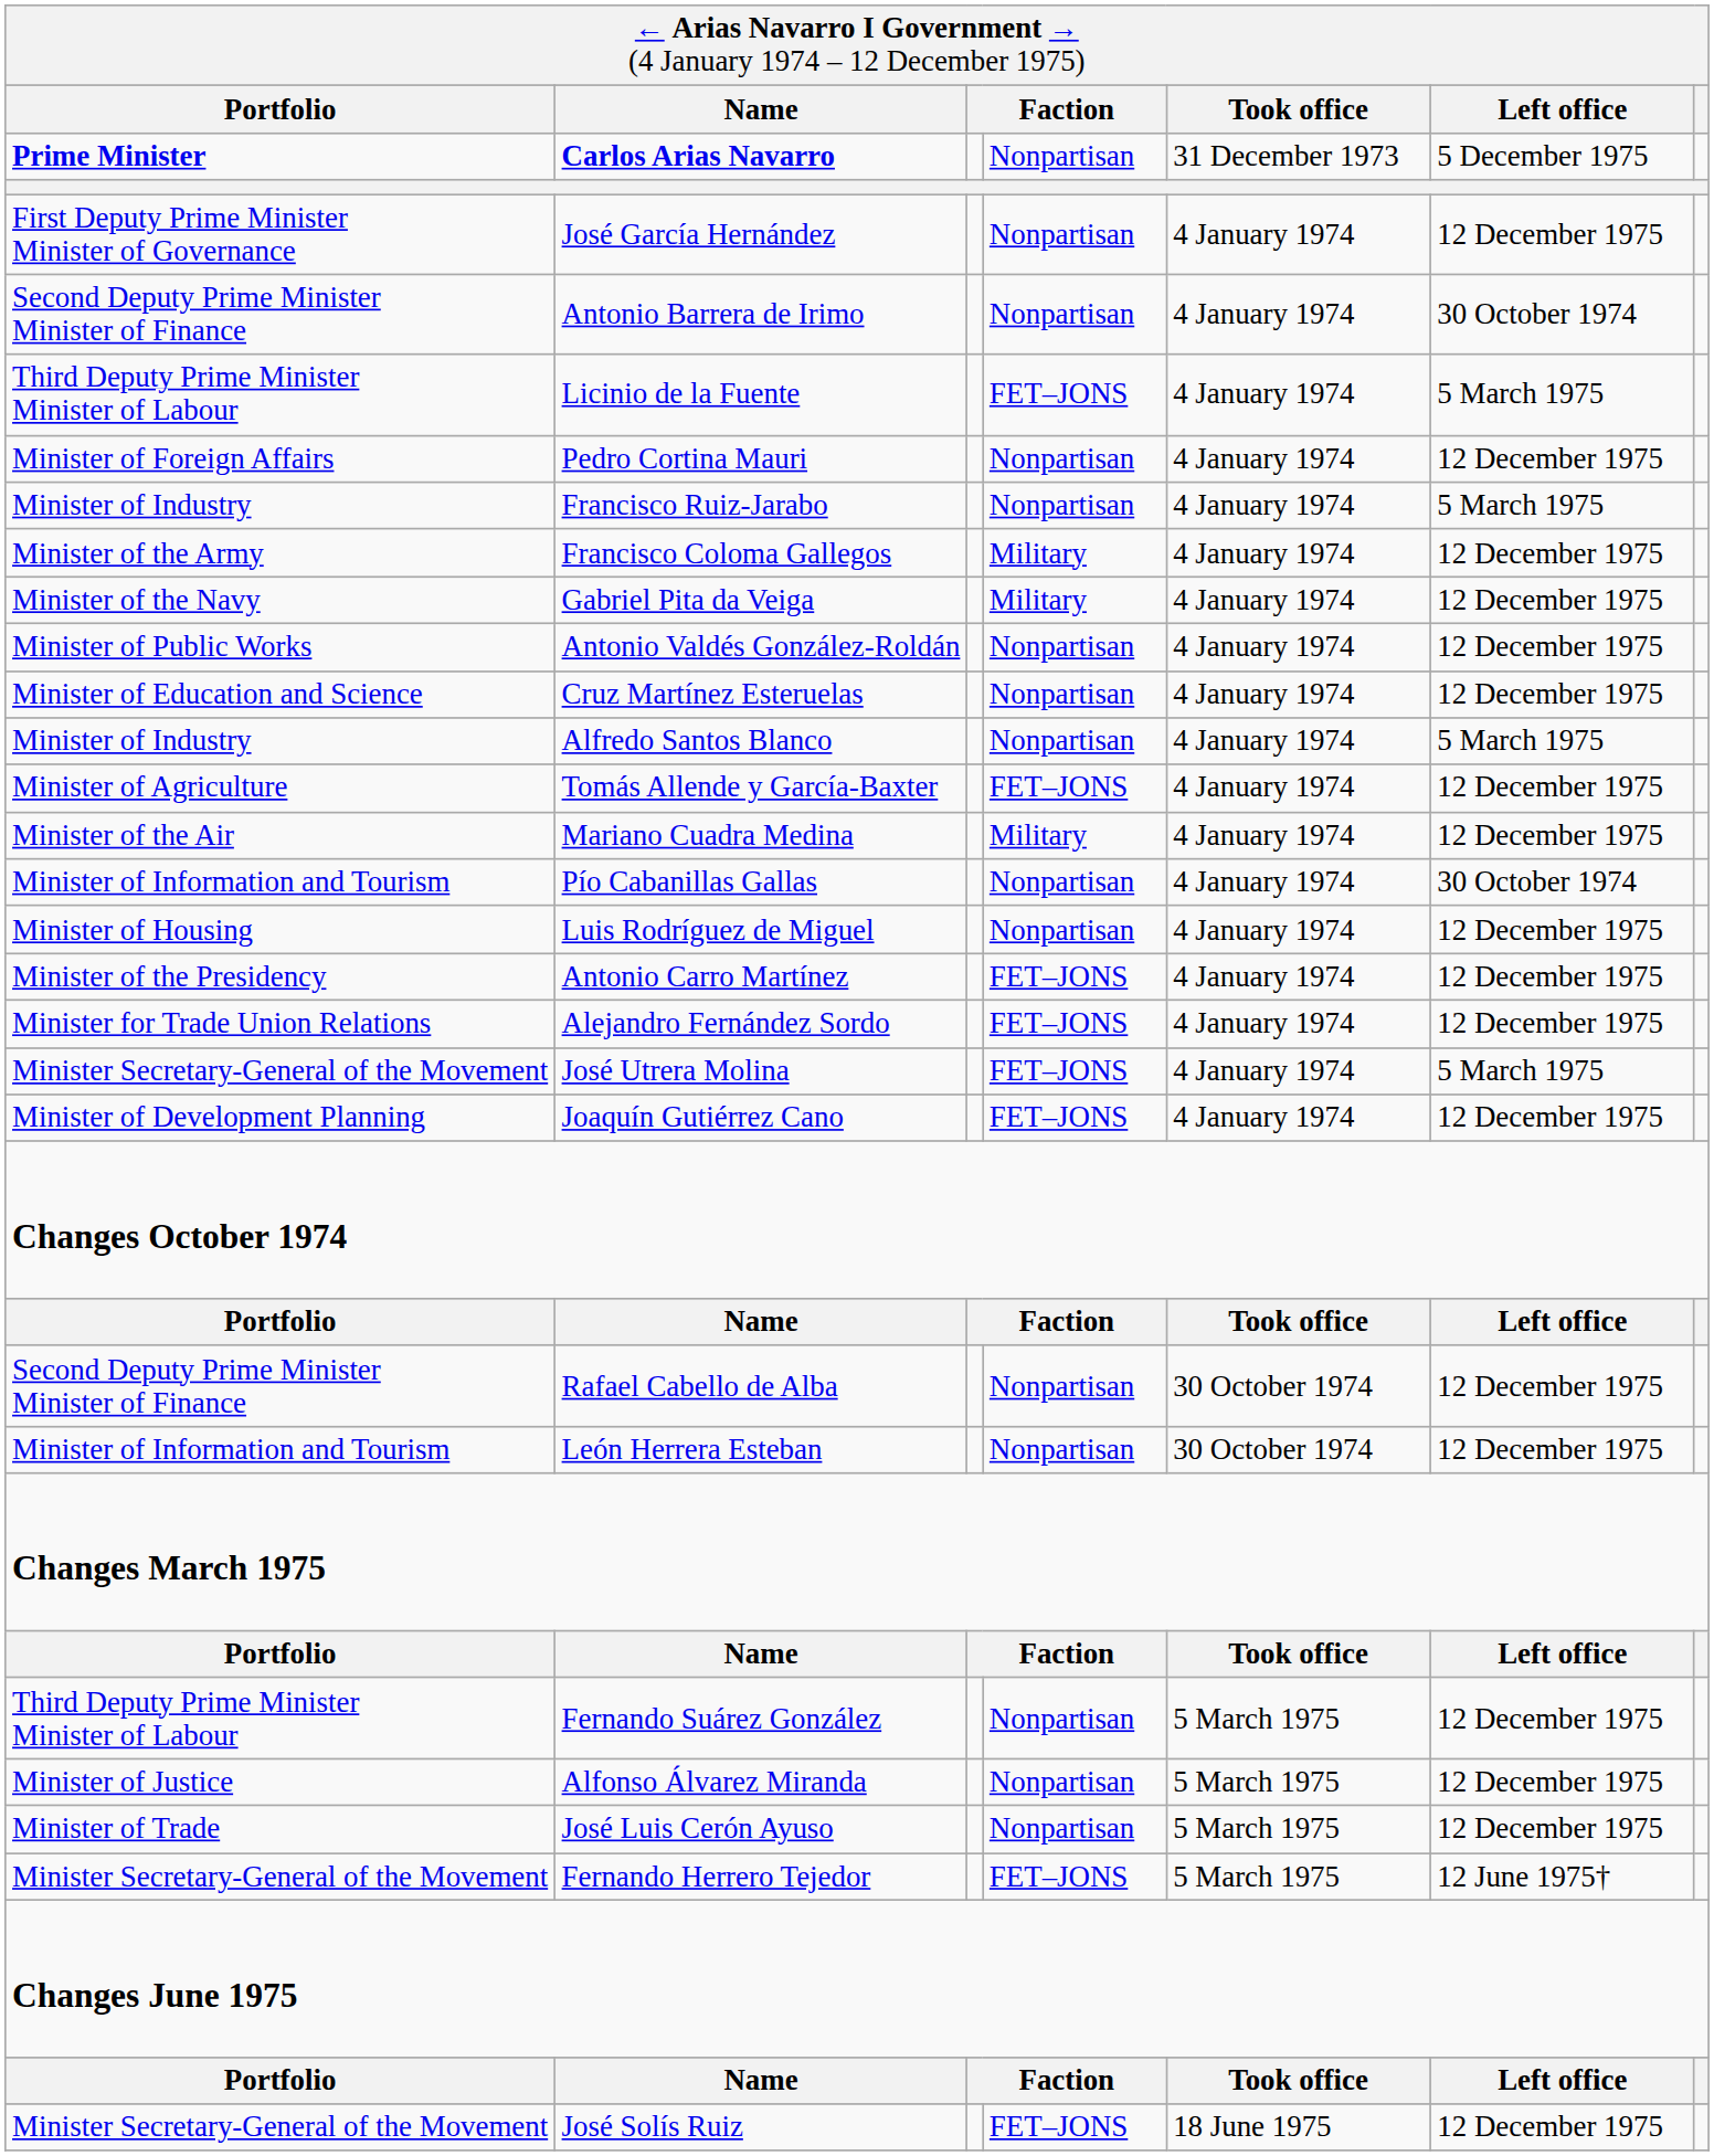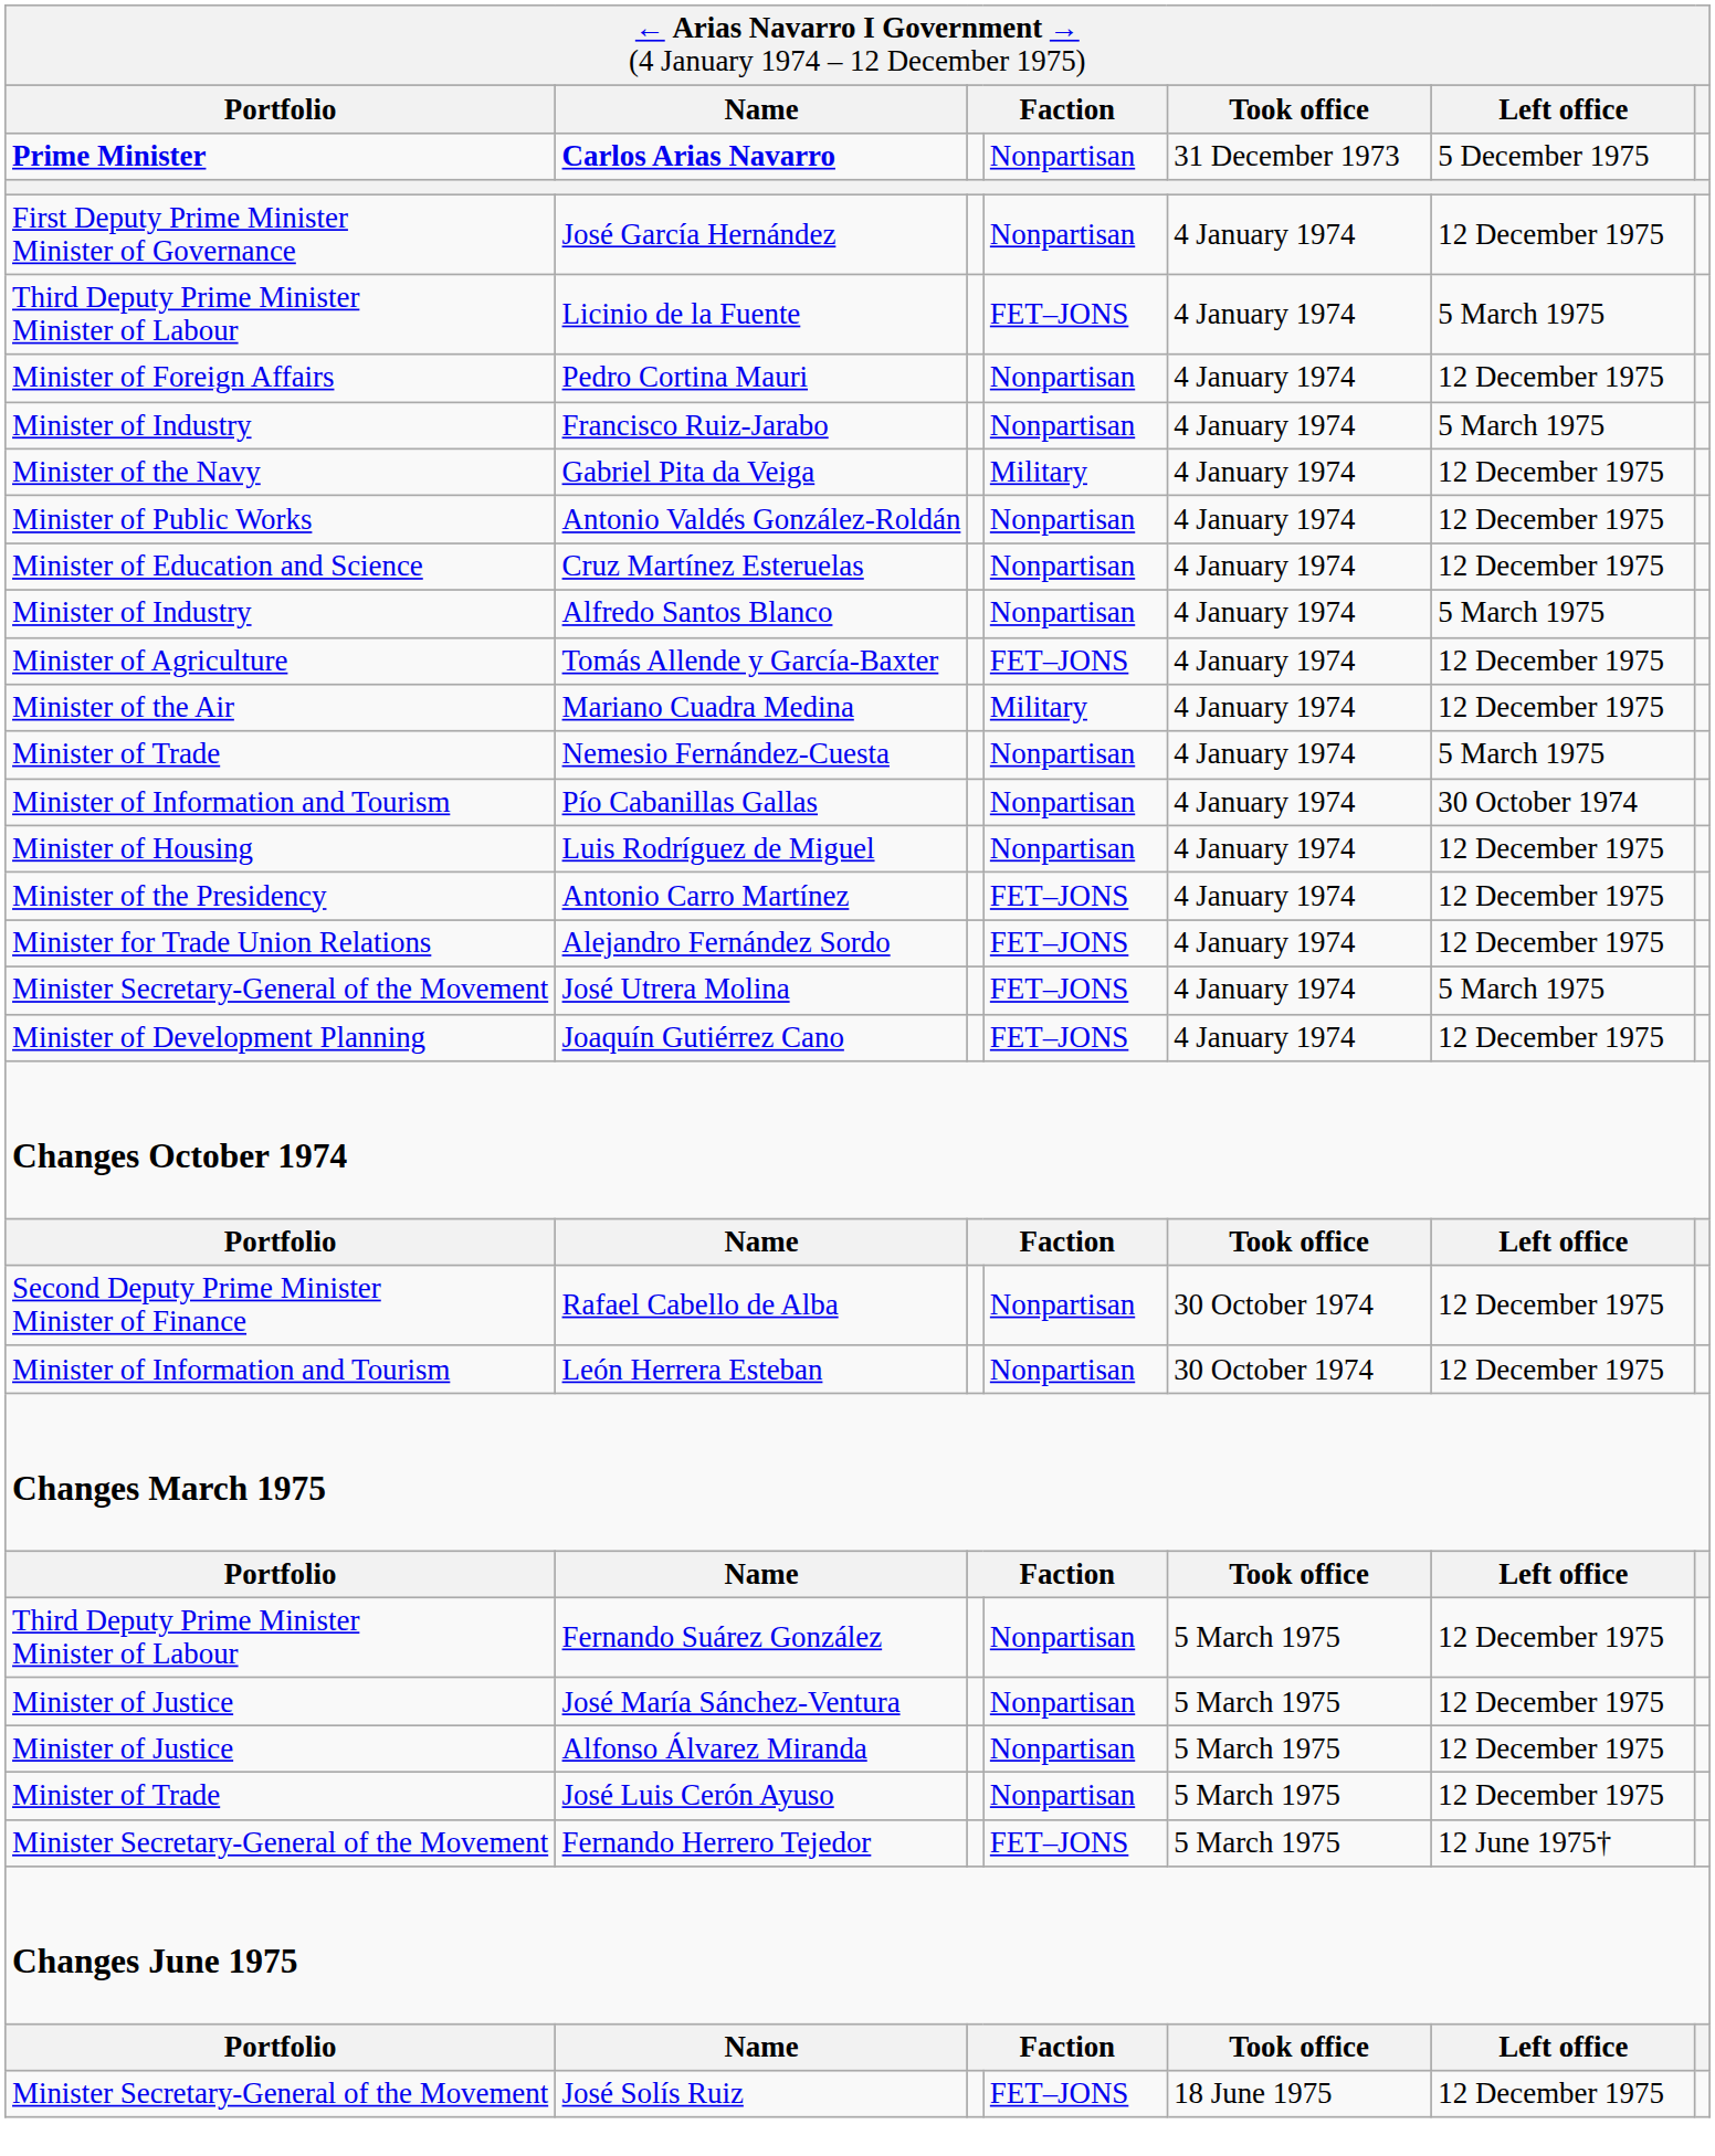 <table class="wikitable">
 <tr>
 <td colspan="7" bgcolor="#F2F2F2" align="center"><a href='#'>←</a> <strong>Arias Navarro I Government</strong> <a href='#'>→</a><br>(4 January 1974 – 12 December 1975)</td>
 </tr>
 <tr>
 <th>Portfolio</th>
 <th>Name</th>
 <th width="100px" colspan="2">Faction</th>
 <th width="135px">Took office</th>
 <th width="135px">Left office</th>
 <th></th>
 </tr>
 <tr>
 <td><strong><a href='#'>Prime Minister</a></strong></td>
 <td><strong><a href='#'>Carlos Arias Navarro</a></strong></td>
 <td width="1" style="background-color:"></td>
 <td><a href='#'>Nonpartisan</a></td>
 <td>31 December 1973</td>
 <td>5 December 1975</td>
 <td align="center"></td>
 </tr>
 <tr>
 <th colspan="7"></th>
 </tr>
 <tr>
 <td><a href='#'>First Deputy Prime Minister</a><br><a href='#'>Minister of Governance</a></td>
 <td><a href='#'>José García Hernández</a></td>
 <td style="background-color:"></td>
 <td><a href='#'>Nonpartisan</a></td>
 <td>4 January 1974</td>
 <td>12 December 1975</td>
 <td align="center"><br></td>
 </tr>
 <tr>
-<td><a href='#'>Second Deputy Prime Minister</a><br><a href='#'>Minister of Finance</a></td>
-<td><a href='#'>Antonio Barrera de Irimo</a></td>
-<td style="background-color:"></td>
-<td><a href='#'>Nonpartisan</a></td>
-<td>4 January 1974</td>
-<td>30 October 1974</td>
-<td align="center"><br></td>
-</tr>
-<tr>
 <td><a href='#'>Third Deputy Prime Minister</a><br><a href='#'>Minister of Labour</a></td>
 <td><a href='#'>Licinio de la Fuente</a></td>
 <td style="background-color:"></td>
 <td><a href='#'>FET–JONS</a></td>
 <td>4 January 1974</td>
 <td>5 March 1975</td>
 <td align="center"><br></td>
 </tr>
 <tr>
 <td><a href='#'>Minister of Foreign Affairs</a></td>
 <td><a href='#'>Pedro Cortina Mauri</a></td>
 <td style="background-color:"></td>
 <td><a href='#'>Nonpartisan</a></td>
 <td>4 January 1974</td>
 <td>12 December 1975</td>
 <td align="center"></td>
 </tr>
 <tr>
 <td><a href='#'>Minister of Industry</a></td>
 <td><a href='#'>Francisco Ruiz-Jarabo</a></td>
 <td style="background-color:"></td>
 <td><a href='#'>Nonpartisan</a></td>
 <td>4 January 1974</td>
 <td>5 March 1975</td>
-<td align="center"></td>
-</tr>
-<tr>
-<td><a href='#'>Minister of the Army</a></td>
-<td><a href='#'>Francisco Coloma Gallegos</a></td>
-<td style="background-color:"></td>
-<td><a href='#'>Military</a></td>
-<td>4 January 1974</td>
-<td>12 December 1975</td>
 <td align="center"></td>
 </tr>
 <tr>
 <td><a href='#'>Minister of the Navy</a></td>
 <td><a href='#'>Gabriel Pita da Veiga</a></td>
 <td style="background-color:"></td>
 <td><a href='#'>Military</a></td>
 <td>4 January 1974</td>
 <td>12 December 1975</td>
 <td align="center"></td>
 </tr>
 <tr>
 <td><a href='#'>Minister of Public Works</a></td>
 <td><a href='#'>Antonio Valdés González-Roldán</a></td>
 <td style="background-color:"></td>
 <td><a href='#'>Nonpartisan</a></td>
 <td>4 January 1974</td>
 <td>12 December 1975</td>
 <td align="center"></td>
 </tr>
 <tr>
 <td><a href='#'>Minister of Education and Science</a></td>
 <td><a href='#'>Cruz Martínez Esteruelas</a></td>
 <td style="background-color:"></td>
 <td><a href='#'>Nonpartisan</a></td>
 <td>4 January 1974</td>
 <td>12 December 1975</td>
 <td align="center"></td>
 </tr>
 <tr>
 <td><a href='#'>Minister of Industry</a></td>
 <td><a href='#'>Alfredo Santos Blanco</a></td>
 <td style="background-color:"></td>
 <td><a href='#'>Nonpartisan</a></td>
 <td>4 January 1974</td>
 <td>5 March 1975</td>
 <td align="center"></td>
 </tr>
 <tr>
 <td><a href='#'>Minister of Agriculture</a></td>
 <td><a href='#'>Tomás Allende y García-Baxter</a></td>
 <td style="background-color:"></td>
 <td><a href='#'>FET–JONS</a></td>
 <td>4 January 1974</td>
 <td>12 December 1975</td>
 <td align="center"></td>
 </tr>
 <tr>
 <td><a href='#'>Minister of the Air</a></td>
 <td><a href='#'>Mariano Cuadra Medina</a></td>
 <td style="background-color:"></td>
 <td><a href='#'>Military</a></td>
 <td>4 January 1974</td>
 <td>12 December 1975</td>
+<td align="center"></td>
+</tr>
+<tr>
+<td><a href='#'>Minister of Trade</a></td>
+<td><a href='#'>Nemesio Fernández-Cuesta</a></td>
+<td style="background-color:"></td>
+<td><a href='#'>Nonpartisan</a></td>
+<td>4 January 1974</td>
+<td>5 March 1975</td>
 <td align="center"></td>
 </tr>
 <tr>
 <td><a href='#'>Minister of Information and Tourism</a></td>
 <td><a href='#'>Pío Cabanillas Gallas</a></td>
 <td style="background-color:"></td>
 <td><a href='#'>Nonpartisan</a></td>
 <td>4 January 1974</td>
 <td>30 October 1974</td>
 <td align="center"></td>
 </tr>
 <tr>
 <td><a href='#'>Minister of Housing</a></td>
 <td><a href='#'>Luis Rodríguez de Miguel</a></td>
 <td style="background-color:"></td>
 <td><a href='#'>Nonpartisan</a></td>
 <td>4 January 1974</td>
 <td>12 December 1975</td>
 <td align="center"></td>
 </tr>
 <tr>
 <td><a href='#'>Minister of the Presidency</a></td>
 <td><a href='#'>Antonio Carro Martínez</a></td>
 <td style="background-color:"></td>
 <td><a href='#'>FET–JONS</a></td>
 <td>4 January 1974</td>
 <td>12 December 1975</td>
 <td align="center"></td>
 </tr>
 <tr>
 <td><a href='#'>Minister for Trade Union Relations</a></td>
 <td><a href='#'>Alejandro Fernández Sordo</a></td>
 <td style="background-color:"></td>
 <td><a href='#'>FET–JONS</a></td>
 <td>4 January 1974</td>
 <td>12 December 1975</td>
 <td align="center"></td>
 </tr>
 <tr>
 <td><a href='#'>Minister Secretary-General of the Movement</a></td>
 <td><a href='#'>José Utrera Molina</a></td>
 <td style="background-color:"></td>
 <td><a href='#'>FET–JONS</a></td>
 <td>4 January 1974</td>
 <td>5 March 1975</td>
 <td align="center"></td>
 </tr>
 <tr>
 <td><a href='#'>Minister of Development Planning</a></td>
 <td><a href='#'>Joaquín Gutiérrez Cano</a></td>
 <td style="background-color:"></td>
 <td><a href='#'>FET–JONS</a></td>
 <td>4 January 1974</td>
 <td>12 December 1975</td>
 <td align="center"></td>
 </tr>
 <tr>
 <td colspan="7"><br><h3>Changes October 1974</h3></td>
 </tr>
 <tr>
 <th>Portfolio</th>
 <th>Name</th>
 <th colspan="2">Faction</th>
 <th>Took office</th>
 <th>Left office</th>
 <th></th>
 </tr>
 <tr>
 <td><a href='#'>Second Deputy Prime Minister</a><br><a href='#'>Minister of Finance</a></td>
 <td><a href='#'>Rafael Cabello de Alba</a></td>
 <td style="background-color:"></td>
 <td><a href='#'>Nonpartisan</a></td>
 <td>30 October 1974</td>
 <td>12 December 1975</td>
 <td align="center"><br></td>
 </tr>
 <tr>
 <td><a href='#'>Minister of Information and Tourism</a></td>
 <td><a href='#'>León Herrera Esteban</a></td>
 <td style="background-color:"></td>
 <td><a href='#'>Nonpartisan</a></td>
 <td>30 October 1974</td>
 <td>12 December 1975</td>
 <td align="center"></td>
 </tr>
 <tr>
 <td colspan="7"><br><h3>Changes March 1975</h3></td>
 </tr>
 <tr>
 <th>Portfolio</th>
 <th>Name</th>
 <th colspan="2">Faction</th>
 <th>Took office</th>
 <th>Left office</th>
 <th></th>
 </tr>
 <tr>
 <td><a href='#'>Third Deputy Prime Minister</a><br><a href='#'>Minister of Labour</a></td>
 <td><a href='#'>Fernando Suárez González</a></td>
 <td style="background-color:"></td>
 <td><a href='#'>Nonpartisan</a></td>
 <td>5 March 1975</td>
 <td>12 December 1975</td>
 <td align="center"><br></td>
 </tr>
 <tr>
 <td><a href='#'>Minister of Justice</a></td>
+<td><a href='#'>José María Sánchez-Ventura</a></td>
+<td style="background-color:"></td>
+<td><a href='#'>Nonpartisan</a></td>
+<td>5 March 1975</td>
+<td>12 December 1975</td>
+<td align="center"></td>
+</tr>
+<tr>
+<td><a href='#'>Minister of Justice</a></td>
 <td><a href='#'>Alfonso Álvarez Miranda</a></td>
 <td style="background-color:"></td>
 <td><a href='#'>Nonpartisan</a></td>
 <td>5 March 1975</td>
 <td>12 December 1975</td>
 <td align="center"></td>
 </tr>
 <tr>
 <td><a href='#'>Minister of Trade</a></td>
 <td><a href='#'>José Luis Cerón Ayuso</a></td>
 <td style="background-color:"></td>
 <td><a href='#'>Nonpartisan</a></td>
 <td>5 March 1975</td>
 <td>12 December 1975</td>
 <td align="center"></td>
 </tr>
 <tr>
 <td><a href='#'>Minister Secretary-General of the Movement</a></td>
 <td><a href='#'>Fernando Herrero Tejedor</a></td>
 <td style="background-color:"></td>
 <td><a href='#'>FET–JONS</a></td>
 <td>5 March 1975</td>
 <td>12 June 1975†</td>
 <td align="center"></td>
 </tr>
 <tr>
 <td colspan="7"><br><h3>Changes June 1975</h3></td>
 </tr>
 <tr>
 <th>Portfolio</th>
 <th>Name</th>
 <th colspan="2">Faction</th>
 <th>Took office</th>
 <th>Left office</th>
 <th></th>
 </tr>
 <tr>
 <td><a href='#'>Minister Secretary-General of the Movement</a></td>
 <td><a href='#'>José Solís Ruiz</a></td>
 <td style="background-color:"></td>
 <td><a href='#'>FET–JONS</a></td>
 <td>18 June 1975</td>
 <td>12 December 1975</td>
 <td align="center"></td>
 </tr>
 </table>
